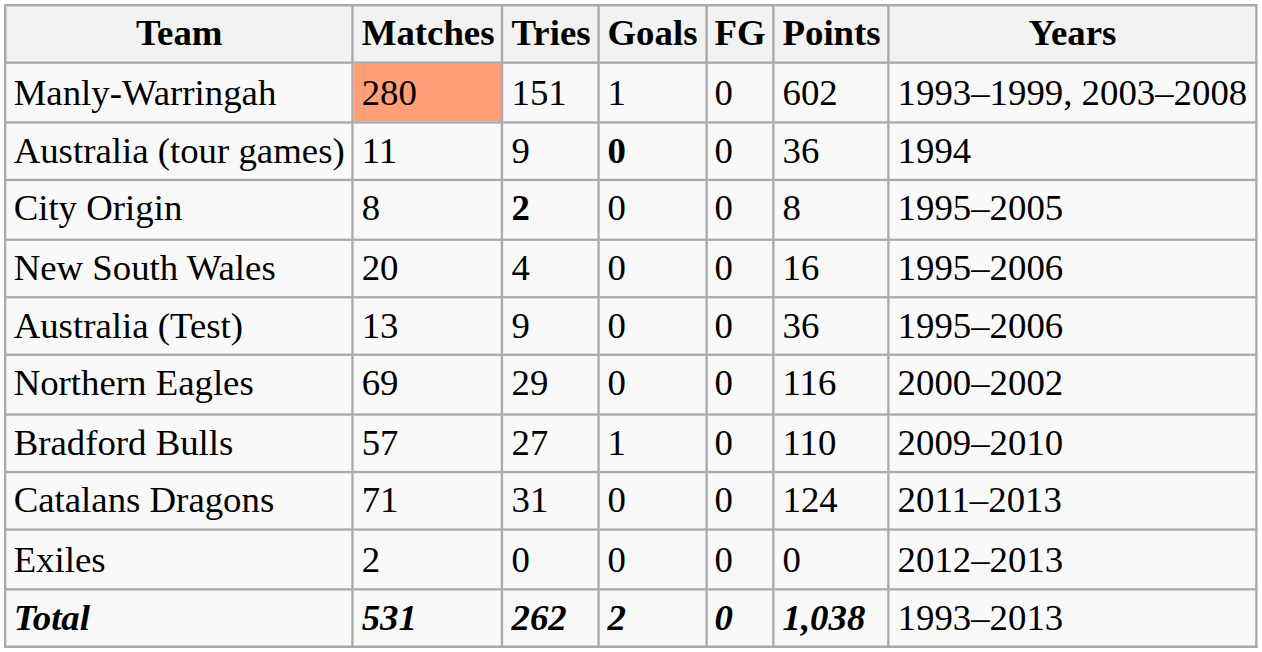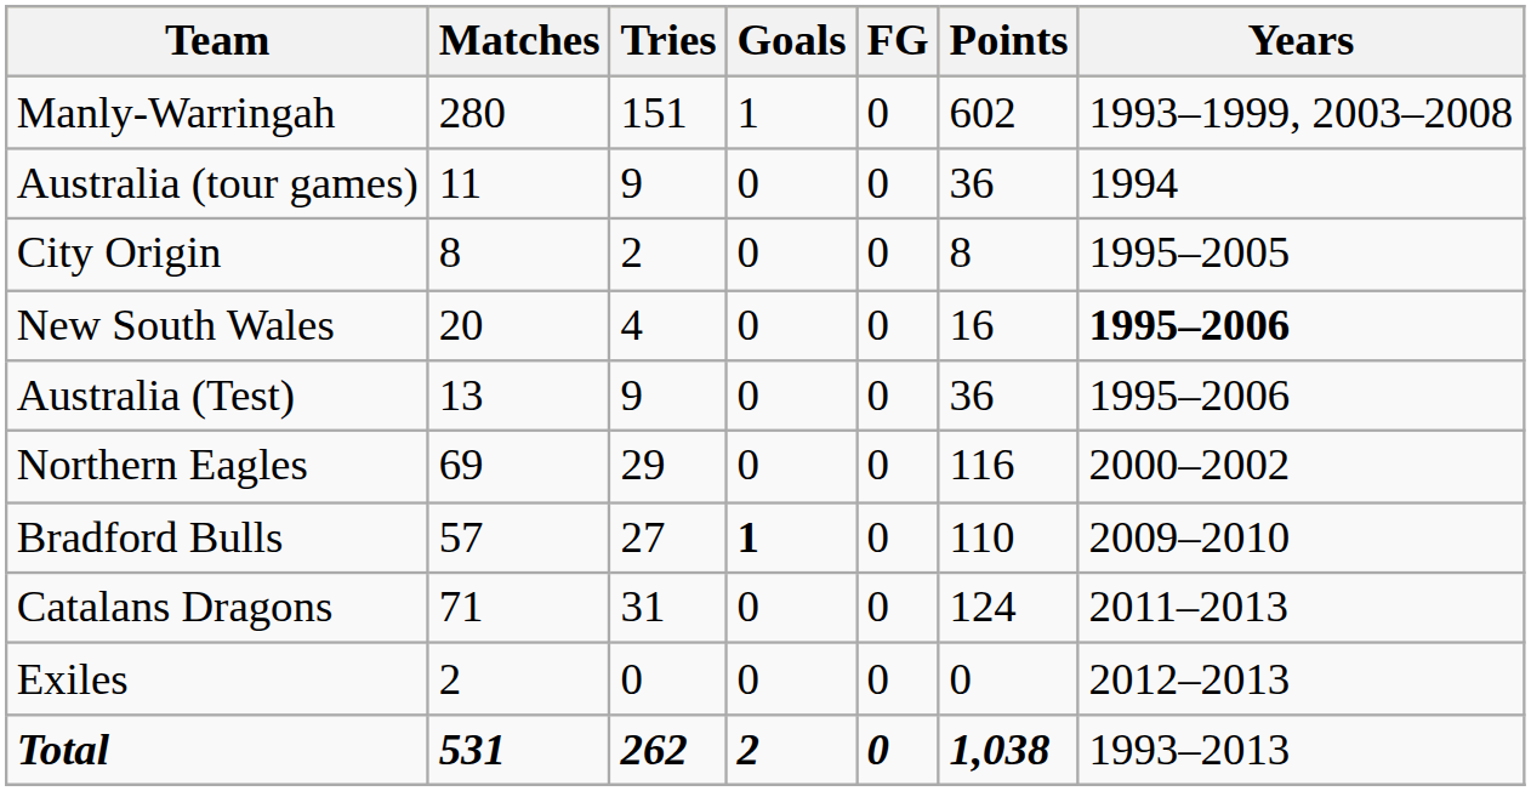 <table class="wikitable">
 <tr bgcolor=#bdb76b>
 <th>Team</th>
 <th>Matches</th>
 <th>Tries</th>
 <th>Goals</th>
 <th>FG</th>
 <th>Points</th>
 <th>Years</th>
 </tr>
 <tr>
 <td>  Manly-Warringah</td>
-<td style="background: lightsalmon;">280</td>
+<td>280</td>
 <td>151</td>
 <td>1</td>
 <td>0</td>
 <td>602</td>
 <td>1993–1999, 2003–2008</td>
 </tr>
 <tr>
 <td> Australia (tour games)</td>
 <td>11</td>
 <td>9</td>
-<td><strong>0</strong></td>
+<td>0</td>
 <td>0</td>
 <td>36</td>
 <td>1994</td>
 </tr>
 <tr>
 <td> City Origin</td>
 <td>8</td>
-<td><strong>2</strong></td>
+<td>2</td>
 <td>0</td>
 <td>0</td>
 <td>8</td>
 <td>1995–2005</td>
 </tr>
 <tr>
 <td> New South Wales</td>
 <td>20</td>
 <td>4</td>
 <td>0</td>
 <td>0</td>
 <td>16</td>
-<td>1995–2006</td>
+<td><strong>1995–2006</strong></td>
 </tr>
 <tr>
 <td> Australia (Test)</td>
 <td>13</td>
 <td>9</td>
 <td>0</td>
 <td>0</td>
 <td>36</td>
 <td>1995–2006</td>
 </tr>
 <tr>
 <td> Northern Eagles</td>
 <td>69</td>
 <td>29</td>
 <td>0</td>
 <td>0</td>
 <td>116</td>
 <td>2000–2002</td>
 </tr>
 <tr>
 <td> Bradford Bulls</td>
 <td>57</td>
 <td>27</td>
-<td>1</td>
+<td><strong>1</strong></td>
 <td>0</td>
 <td>110</td>
 <td>2009–2010</td>
 </tr>
 <tr>
 <td> Catalans Dragons</td>
 <td>71</td>
 <td>31</td>
 <td>0</td>
 <td>0</td>
 <td>124</td>
 <td>2011–2013</td>
 </tr>
 <tr>
 <td>Exiles</td>
 <td>2</td>
 <td>0</td>
 <td>0</td>
 <td>0</td>
 <td>0</td>
 <td>2012–2013</td>
 </tr>
 <tr>
 <td><strong><em>Total</em></strong></td>
 <td><strong><em>531</em></strong></td>
 <td><strong><em>262</em></strong></td>
 <td><strong><em>2</em></strong></td>
 <td><strong><em>0</em></strong></td>
 <td><strong><em>1,038</em></strong></td>
 <td>1993–2013</td>
 </tr>
 <tr>
 </tr>
 </table>
